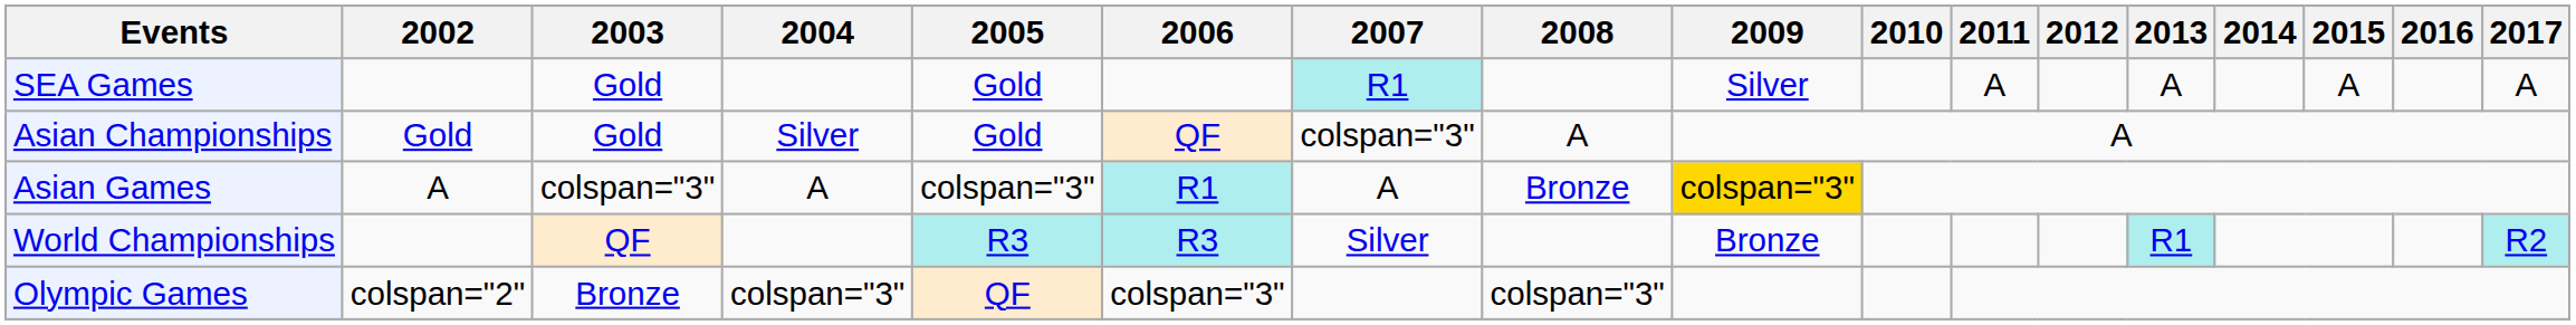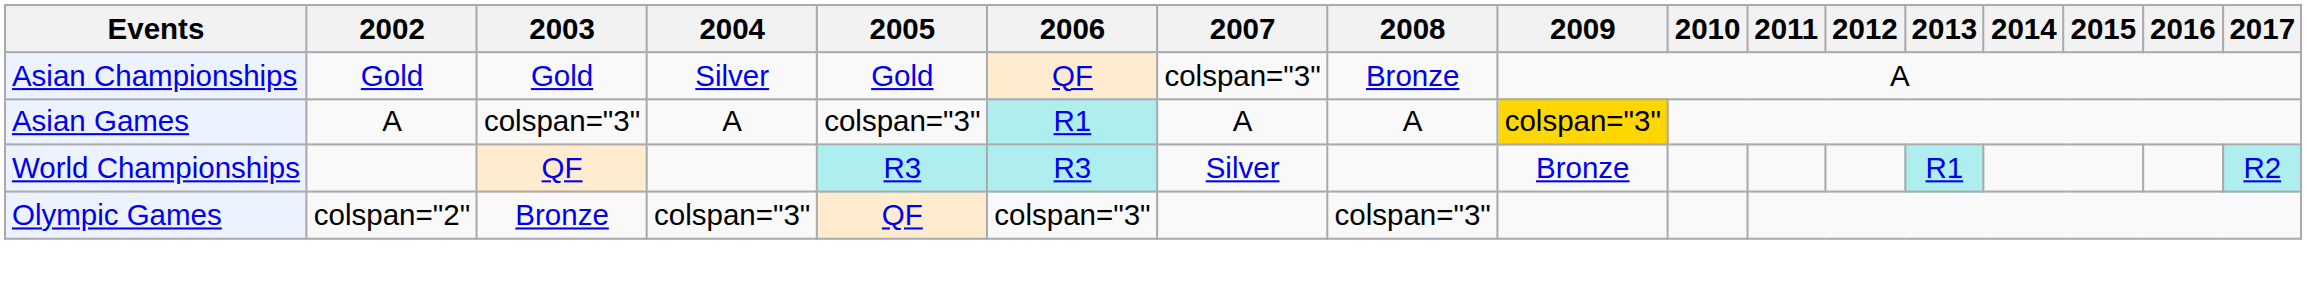 <table class="wikitable" style="font-size: 90%; text-align:center">
 <tr>
 <th>Events</th>
 <th>2002</th>
 <th>2003</th>
 <th>2004</th>
 <th>2005</th>
 <th>2006</th>
 <th>2007</th>
 <th>2008</th>
 <th>2009</th>
 <th>2010</th>
 <th>2011</th>
 <th>2012</th>
 <th>2013</th>
 <th>2014</th>
 <th>2015</th>
 <th>2016</th>
 <th>2017</th>
 </tr>
 <tr>
-<td bgcolor="#ECF2FF"; align="left"><a href='#'>SEA Games</a></td>
-<td></td>
-<td> <a href='#'>Gold</a></td>
-<td></td>
-<td> <a href='#'>Gold</a></td>
-<td></td>
-<td bgcolor=AFEEEE><a href='#'>R1</a></td>
-<td></td>
-<td> <a href='#'>Silver</a></td>
-<td></td>
-<td>A</td>
-<td></td>
-<td>A</td>
-<td></td>
-<td>A</td>
-<td></td>
-<td>A</td>
-</tr>
-<tr>
 <td bgcolor="#ECF2FF"; align="left"><a href='#'>Asian Championships</a></td>
 <td> <a href='#'>Gold</a></td>
 <td> <a href='#'>Gold</a></td>
 <td> <a href='#'>Silver</a></td>
 <td> <a href='#'>Gold</a></td>
 <td bgcolor=FFEBCD><a href='#'>QF</a></td>
 <td>colspan="3" </td>
-<td>A</td>
+<td> <a href='#'>Bronze</a></td>
 <td colspan="9">A</td>
 </tr>
 <tr>
 <td bgcolor="#ECF2FF"; align="left"><a href='#'>Asian Games</a></td>
 <td>A</td>
 <td>colspan="3" </td>
 <td>A</td>
 <td>colspan="3" </td>
 <td bgcolor=AFEEEE><a href='#'>R1</a></td>
 <td>A</td>
-<td> <a href='#'>Bronze</a></td>
+<td>A</td>
 <td style="background: gold;">colspan="3" </td>
 </tr>
 <tr>
 <td bgcolor="#ECF2FF"; align="left"><a href='#'>World Championships</a></td>
 <td></td>
 <td bgcolor=FFEBCD><a href='#'>QF</a></td>
 <td></td>
 <td bgcolor=AFEEEE><a href='#'>R3</a></td>
 <td bgcolor=AFEEEE><a href='#'>R3</a></td>
 <td> <a href='#'>Silver</a></td>
 <td></td>
 <td> <a href='#'>Bronze</a></td>
 <td><a href='#'></a></td>
 <td></td>
 <td></td>
 <td bgcolor=AFEEEE><a href='#'>R1</a></td>
 <td colspan="2"></td>
 <td></td>
 <td bgcolor=AFEEEE><a href='#'>R2</a></td>
 </tr>
 <tr>
 <td bgcolor="#ECF2FF"; align="left"><a href='#'>Olympic Games</a></td>
 <td>colspan="2" </td>
 <td> <a href='#'>Bronze</a></td>
 <td>colspan="3" </td>
 <td bgcolor=FFEBCD><a href='#'>QF</a></td>
 <td>colspan="3" </td>
 <td></td>
 <td>colspan="3" </td>
 <td></td>
 <td></td>
 </tr>
 </table>
